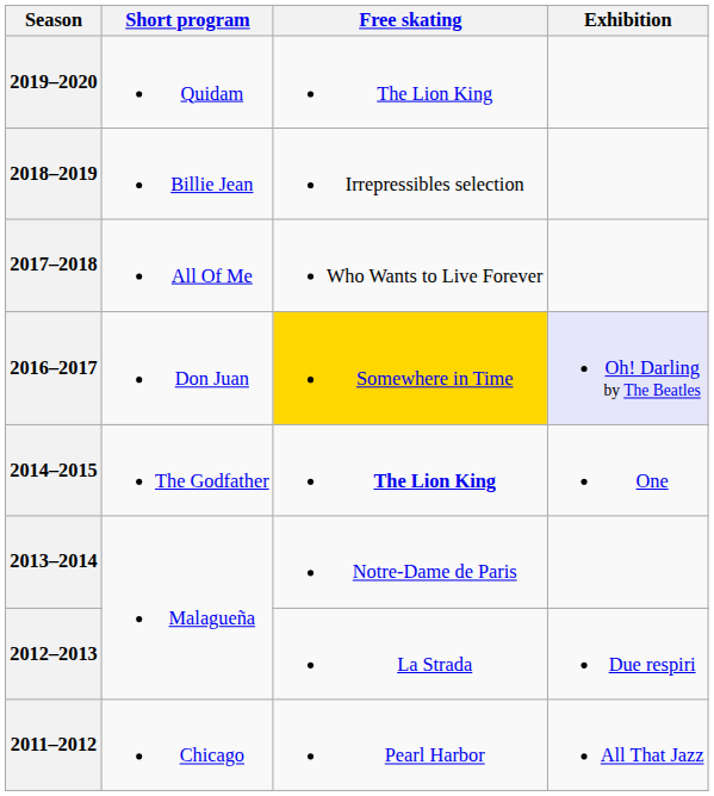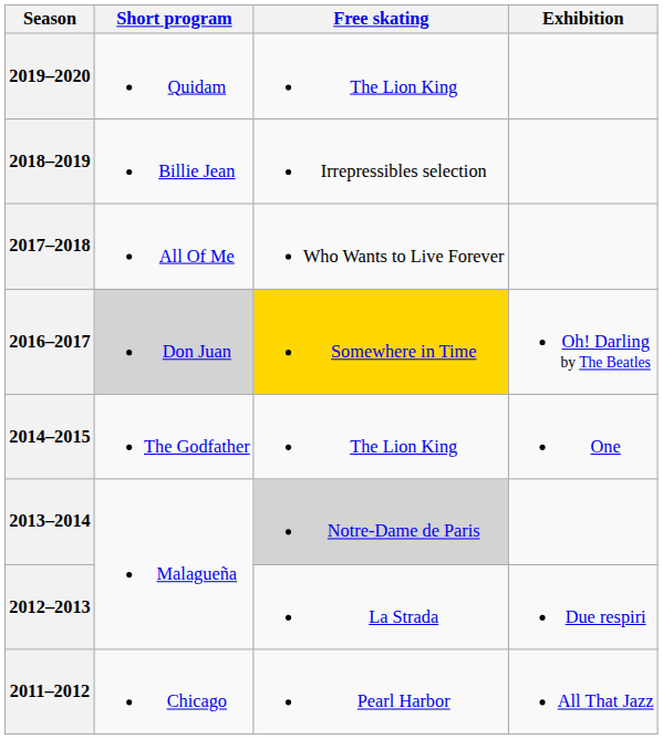 <table class="wikitable" style="text-align:center">
 <tr>
 <th>Season</th>
 <th><a href='#'>Short program</a></th>
 <th><a href='#'>Free skating</a></th>
 <th>Exhibition</th>
 </tr>
 <tr>
 <th>2019–2020 <br></th>
 <td><br><ul><li><a href='#'>Quidam</a> <br> </li></ul></td>
 <td><br><ul><li><a href='#'>The Lion King</a> <br> </li></ul></td>
 <td></td>
 </tr>
 <tr>
 <th>2018–2019 <br></th>
 <td><br><ul><li><a href='#'>Billie Jean</a> <br> </li></ul></td>
 <td><br><ul><li>Irrepressibles selection</li></ul></td>
 <td></td>
 </tr>
 <tr>
 <th>2017–2018 <br> </th>
 <td><br><ul><li><a href='#'>All Of Me</a> <br></li></ul></td>
 <td><br><ul><li>Who Wants to Live Forever <br></li></ul></td>
 <td></td>
 </tr>
 <tr>
 <th>2016–2017 <br> </th>
-<td><br><ul><li><a href='#'>Don Juan</a> <br></li></ul></td>
+<td style="background: lightgrey;"><br><ul><li><a href='#'>Don Juan</a> <br></li></ul></td>
 <td style="background: gold;"><br><ul><li><a href='#'>Somewhere in Time</a> <br></li></ul></td>
-<td style="background: lavender;"><br><ul><li><a href='#'>Oh! Darling</a> <br><small>by <a href='#'>The Beatles</a></small></li></ul></td>
+<td><br><ul><li><a href='#'>Oh! Darling</a> <br><small>by <a href='#'>The Beatles</a></small></li></ul></td>
 </tr>
 <tr>
 <th>2014–2015 <br> </th>
 <td><br><ul><li><a href='#'>The Godfather</a> <br></li></ul></td>
-<td><strong><br><ul><li><a href='#'>The Lion King</a> <br></li></ul></strong></td>
+<td><br><ul><li><a href='#'>The Lion King</a> <br></li></ul></td>
 <td><br><ul><li><a href='#'>One</a> <br></li></ul></td>
 </tr>
 <tr>
 <th>2013–2014 <br> </th>
 <td rowspan="2"><br><ul><li><a href='#'>Malagueña</a> <br></li></ul></td>
-<td><br><ul><li><a href='#'>Notre-Dame de Paris</a> <br></li></ul></td>
+<td style="background: lightgrey;"><br><ul><li><a href='#'>Notre-Dame de Paris</a> <br></li></ul></td>
 <td></td>
 </tr>
 <tr>
 <th>2012–2013 <br> </th>
 <td><br><ul><li><a href='#'>La Strada</a> <br></li></ul></td>
 <td><br><ul><li><a href='#'>Due respiri</a> <br></li></ul></td>
 </tr>
 <tr>
 <th>2011–2012 <br> </th>
 <td><br><ul><li><a href='#'>Chicago</a></li></ul></td>
 <td><br><ul><li><a href='#'>Pearl Harbor</a> <br></li></ul></td>
 <td><br><ul><li><a href='#'>All That Jazz</a> <br></li></ul></td>
 </tr>
 </table>
